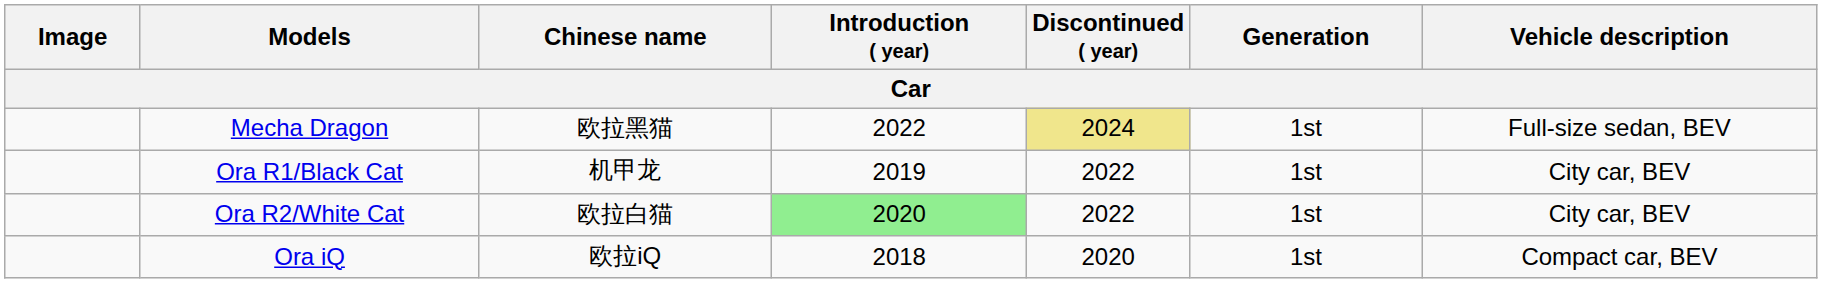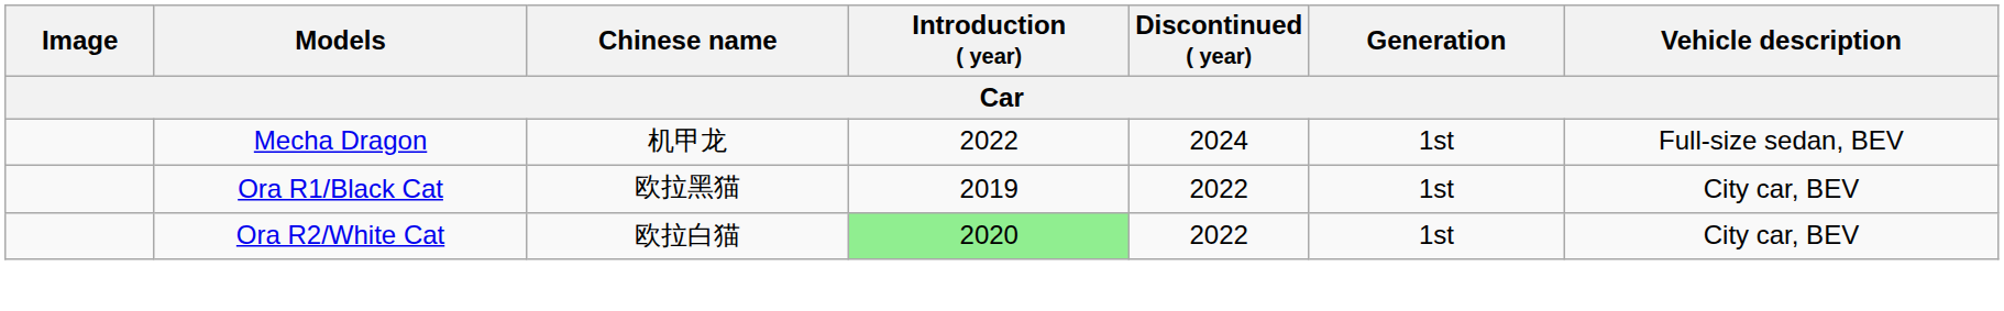 <table class="wikitable sortable" style="text-align: center;">
 <tr>
 <th class="unsortable">Image</th>
 <th>Models</th>
 <th>Chinese name</th>
 <th>Introduction<br><small>( year)</small></th>
 <th width="9%">Discontinued<br><small>( year)</small></th>
 <th>Generation</th>
 <th>Vehicle description</th>
 </tr>
 <tr>
 <th colspan="7">Car</th>
 </tr>
 <tr>
 <td></td>
 <td><a href='#'>Mecha Dragon</a></td>
-<td>欧拉黑猫</td>
+<td>机甲龙</td>
 <td>2022</td>
-<td style="background: khaki;">2024</td>
+<td>2024</td>
 <td>1st</td>
 <td>Full-size sedan, BEV</td>
 </tr>
 <tr>
 <td></td>
 <td><a href='#'>Ora R1/Black Cat</a></td>
-<td>机甲龙</td>
+<td>欧拉黑猫</td>
 <td>2019</td>
 <td>2022</td>
 <td>1st</td>
 <td>City car, BEV</td>
 </tr>
 <tr>
 <td></td>
 <td><a href='#'>Ora R2/White Cat</a></td>
 <td>欧拉白猫</td>
 <td style="background: lightgreen;">2020</td>
 <td>2022</td>
 <td>1st</td>
 <td>City car, BEV</td>
 </tr>
-<tr>
-<td></td>
-<td><a href='#'>Ora iQ</a></td>
-<td>欧拉iQ</td>
-<td>2018</td>
-<td>2020</td>
-<td>1st</td>
-<td>Compact car, BEV</td>
-</tr>
 </table>
